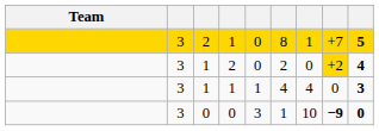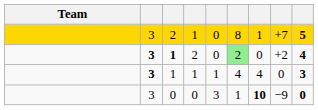 <table class="wikitable" style="text-align:center">
 <tr>
 <th width=165>Team</th>
 <th width=20></th>
 <th width=20></th>
 <th width=20></th>
 <th width=20></th>
 <th width=20></th>
 <th width=20></th>
 <th width=20></th>
 <th width=20></th>
 </tr>
 <tr align=center bgcolor=gold>
 <td align=left></td>
 <td>3</td>
 <td>2</td>
 <td>1</td>
 <td>0</td>
 <td>8</td>
 <td>1</td>
 <td>+7</td>
 <td><strong>5</strong></td>
 </tr>
 <tr align=center>
 <td align=left></td>
-<td>3</td>
-<td>1</td>
+<td><strong>3</strong></td>
+<td><strong>1</strong></td>
 <td>2</td>
 <td>0</td>
-<td>2</td>
+<td style="background: lightgreen;">2</td>
 <td>0</td>
-<td style="background: gold;">+2</td>
+<td>+2</td>
 <td><strong>4</strong></td>
 </tr>
 <tr align=center>
 <td align=left></td>
-<td>3</td>
+<td><strong>3</strong></td>
 <td>1</td>
 <td>1</td>
 <td>1</td>
 <td>4</td>
 <td>4</td>
 <td>0</td>
 <td><strong>3</strong></td>
 </tr>
 <tr align=center>
 <td align=left></td>
 <td>3</td>
 <td>0</td>
 <td>0</td>
 <td>3</td>
 <td>1</td>
-<td>10</td>
-<td><strong>−9</strong></td>
+<td><strong>10</strong></td>
+<td>−9</td>
 <td><strong>0</strong></td>
 </tr>
 </table>
